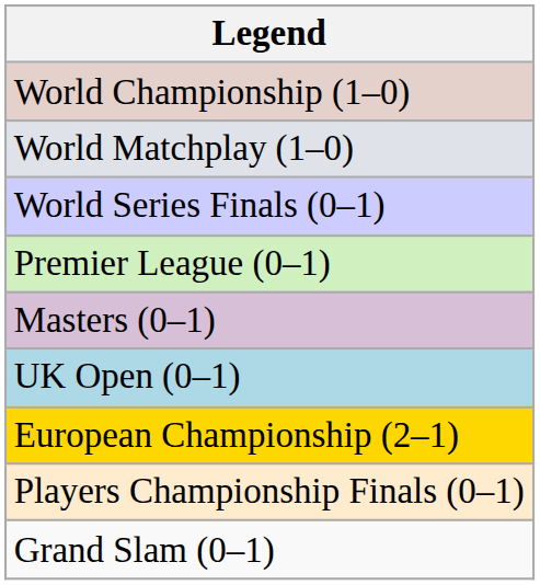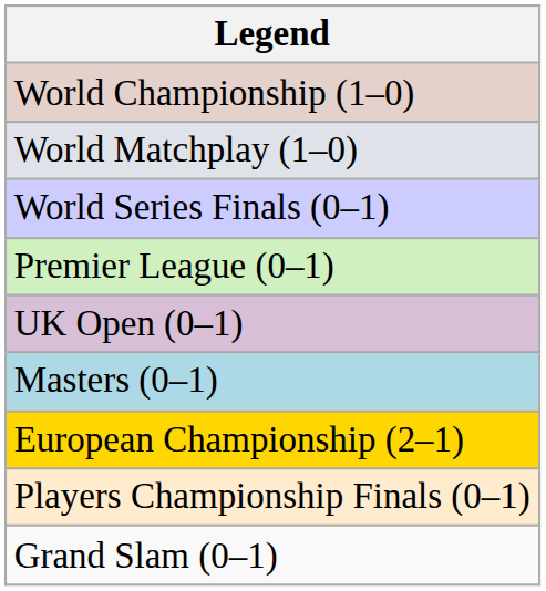 <table class="wikitable">
 <tr>
 <th>Legend</th>
 </tr>
 <tr style="background:#e5d1cb;">
 <td>World Championship (1–0)</td>
 </tr>
 <tr style="background:#dfe2e9;">
 <td>World Matchplay (1–0)</td>
 </tr>
 <tr style="background:#ccf;">
 <td>World Series Finals (0–1)</td>
 </tr>
 <tr style="background:#d0f0c0;">
 <td>Premier League (0–1)</td>
 </tr>
 <tr style="background:thistle;">
-<td>Masters (0–1)</td>
+<td>UK Open (0–1)</td>
 </tr>
 <tr style="background:lightblue;">
-<td>UK Open (0–1)</td>
+<td>Masters (0–1)</td>
 </tr>
 <tr style="background:gold;">
 <td>European Championship (2–1)</td>
 </tr>
 <tr style="background:#ffebcd;">
 <td>Players Championship Finals (0–1)</td>
 </tr>
 <tr>
 <td>Grand Slam (0–1)</td>
 </tr>
 </table>
